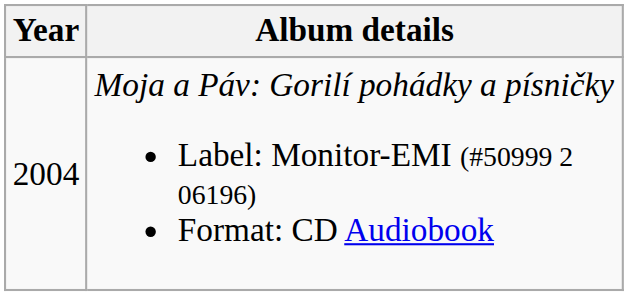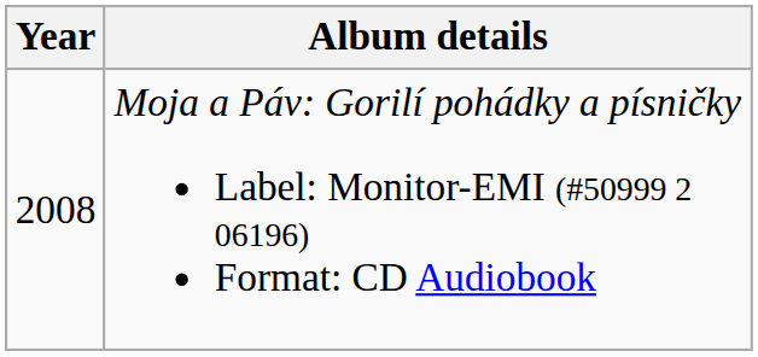 <table class="wikitable" style="text-align:center;">
 <tr>
 <th width="15">Year</th>
 <th width="250">Album details</th>
 </tr>
 <tr>
-<td>2004</td>
+<td>2008</td>
 <td align="left"><em>Moja a Páv: Gorilí pohádky a písničky</em><br><ul><li>Label: Monitor-EMI <small>(#50999 2 06196)</small></li><li>Format: CD <a href='#'>Audiobook</a></li></ul></td>
 </tr>
 </table>
